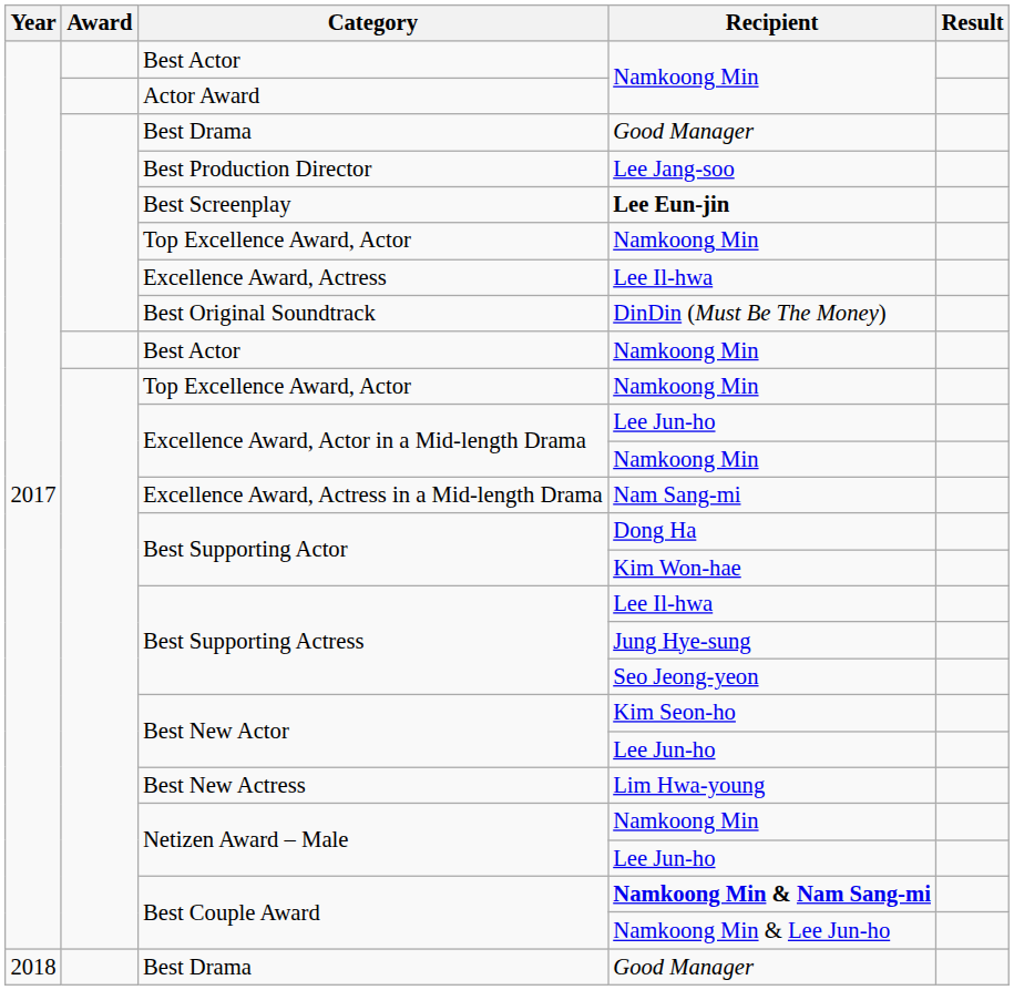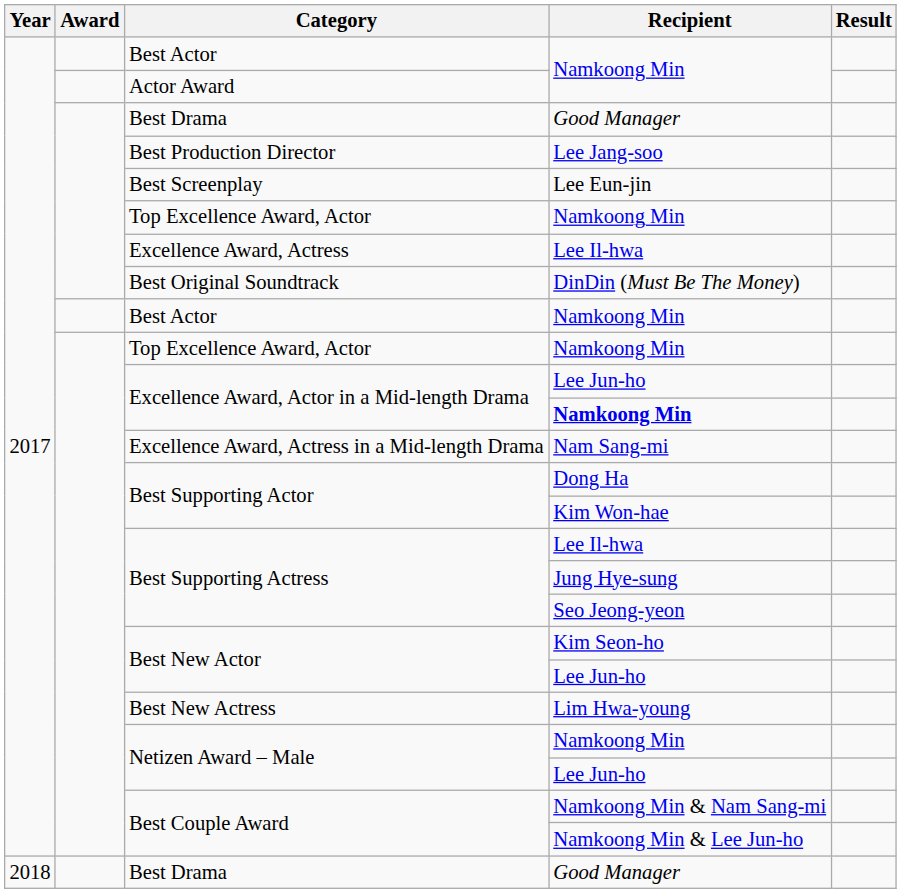 <table class="wikitable">
 <tr>
 <th>Year</th>
 <th>Award</th>
 <th>Category</th>
 <th>Recipient</th>
 <th>Result</th>
 </tr>
 <tr>
 <td rowspan="25">2017</td>
 <td></td>
 <td>Best Actor</td>
 <td rowspan="2"><a href='#'>Namkoong Min</a></td>
 <td></td>
 </tr>
 <tr>
 <td></td>
 <td>Actor Award</td>
 <td></td>
 </tr>
 <tr>
 <td rowspan="6"></td>
 <td>Best Drama</td>
 <td><em>Good Manager</em></td>
 <td></td>
 </tr>
 <tr>
 <td>Best Production Director</td>
 <td><a href='#'>Lee Jang-soo</a></td>
 <td></td>
 </tr>
 <tr>
 <td>Best Screenplay</td>
-<td><strong>Lee Eun-jin</strong></td>
+<td>Lee Eun-jin</td>
 <td></td>
 </tr>
 <tr>
 <td>Top Excellence Award, Actor</td>
 <td><a href='#'>Namkoong Min</a></td>
 <td></td>
 </tr>
 <tr>
 <td>Excellence Award, Actress</td>
 <td><a href='#'>Lee Il-hwa</a></td>
 <td></td>
 </tr>
 <tr>
 <td>Best Original Soundtrack</td>
 <td><a href='#'>DinDin</a> (<em>Must Be The Money</em>)</td>
 <td></td>
 </tr>
 <tr>
 <td></td>
 <td>Best Actor</td>
 <td><a href='#'>Namkoong Min</a></td>
 <td></td>
 </tr>
 <tr>
 <td rowspan="16"></td>
 <td>Top Excellence Award, Actor</td>
 <td><a href='#'>Namkoong Min</a></td>
 <td></td>
 </tr>
 <tr>
 <td rowspan="2">Excellence Award, Actor in a Mid-length Drama</td>
 <td><a href='#'>Lee Jun-ho</a></td>
 <td></td>
 </tr>
 <tr>
-<td><a href='#'>Namkoong Min</a></td>
+<td><strong><a href='#'>Namkoong Min</a></strong></td>
 <td></td>
 </tr>
 <tr>
 <td>Excellence Award, Actress in a Mid-length Drama</td>
 <td><a href='#'>Nam Sang-mi</a></td>
 <td></td>
 </tr>
 <tr>
 <td rowspan="2">Best Supporting Actor</td>
 <td><a href='#'>Dong Ha</a></td>
 <td></td>
 </tr>
 <tr>
 <td><a href='#'>Kim Won-hae</a></td>
 <td></td>
 </tr>
 <tr>
 <td rowspan="3">Best Supporting Actress</td>
 <td><a href='#'>Lee Il-hwa</a></td>
 <td></td>
 </tr>
 <tr>
 <td><a href='#'>Jung Hye-sung</a></td>
 <td></td>
 </tr>
 <tr>
 <td><a href='#'>Seo Jeong-yeon</a></td>
 <td></td>
 </tr>
 <tr>
 <td rowspan="2">Best New Actor</td>
 <td><a href='#'>Kim Seon-ho</a></td>
 <td></td>
 </tr>
 <tr>
 <td><a href='#'>Lee Jun-ho</a></td>
 <td></td>
 </tr>
 <tr>
 <td>Best New Actress</td>
 <td><a href='#'>Lim Hwa-young</a></td>
 <td></td>
 </tr>
 <tr>
 <td rowspan="2">Netizen Award – Male</td>
 <td><a href='#'>Namkoong Min</a></td>
 <td></td>
 </tr>
 <tr>
 <td><a href='#'>Lee Jun-ho</a></td>
 <td></td>
 </tr>
 <tr>
 <td rowspan="2">Best Couple Award</td>
-<td><strong><a href='#'>Namkoong Min</a> & <a href='#'>Nam Sang-mi</a></strong></td>
+<td><a href='#'>Namkoong Min</a> & <a href='#'>Nam Sang-mi</a></td>
 <td></td>
 </tr>
 <tr>
 <td><a href='#'>Namkoong Min</a> & <a href='#'>Lee Jun-ho</a></td>
 <td></td>
 </tr>
 <tr>
 <td>2018</td>
 <td></td>
 <td>Best Drama</td>
 <td><em>Good Manager</em></td>
 <td></td>
 </tr>
 </table>
